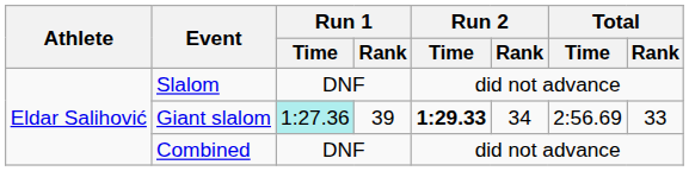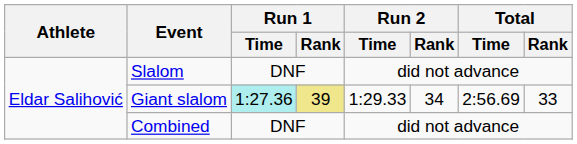 <table class="wikitable" style="font-size:90%">
 <tr>
 <th rowspan=2>Athlete</th>
 <th rowspan=2>Event</th>
 <th colspan=2>Run 1</th>
 <th colspan=2>Run 2</th>
 <th colspan=2>Total</th>
 </tr>
 <tr style="font-size:95%">
 <th>Time</th>
 <th>Rank</th>
 <th>Time</th>
 <th>Rank</th>
 <th>Time</th>
 <th>Rank</th>
 </tr>
 <tr align=center>
 <td align="left" rowspan="3"><a href='#'>Eldar Salihović</a></td>
 <td align="left"><a href='#'>Slalom</a></td>
 <td colspan=2>DNF</td>
 <td colspan=4>did not advance</td>
 </tr>
 <tr align=center>
 <td align="left"><a href='#'>Giant slalom</a></td>
 <td style="background: paleturquoise;">1:27.36</td>
-<td>39</td>
-<td><strong>1:29.33</strong></td>
+<td style="background: khaki;">39</td>
+<td>1:29.33</td>
 <td>34</td>
 <td>2:56.69</td>
 <td>33</td>
 </tr>
 <tr align=center>
 <td align="left"><a href='#'>Combined</a></td>
 <td colspan=2>DNF</td>
 <td colspan=4>did not advance</td>
 </tr>
 </table>
